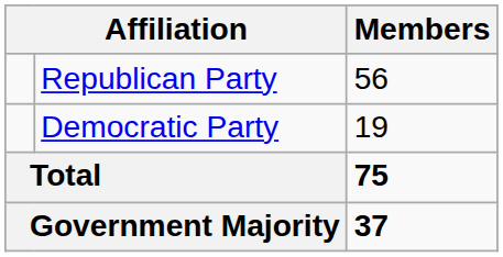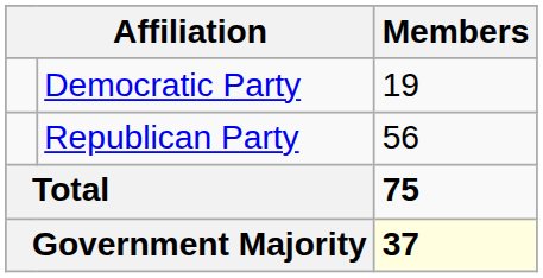 <table class="wikitable">
 <tr>
 <th colspan="2">Affiliation</th>
 <th>Members</th>
 </tr>
 <tr>
 <td style="background-color:"> </td>
-<td><a href='#'>Republican Party</a></td>
-<td>56</td>
+<td><a href='#'>Democratic Party</a></td>
+<td>19</td>
 </tr>
 <tr>
 <td style="background-color:"> </td>
-<td><a href='#'>Democratic Party</a></td>
-<td>19</td>
+<td><a href='#'>Republican Party</a></td>
+<td>56</td>
 </tr>
 <tr>
 <th colspan="2" style="text-align:left">  Total</th>
 <td><strong>75</strong></td>
 </tr>
 <tr>
 <th colspan="2" style="text-align:left">  Government Majority</th>
-<td><strong>37</strong></td>
+<td style="background: lightyellow;"><strong>37</strong></td>
 </tr>
 </table>
